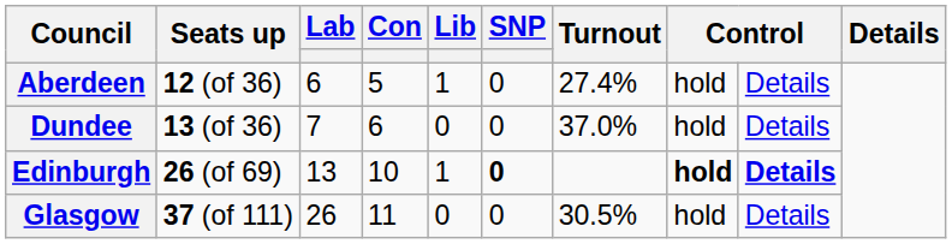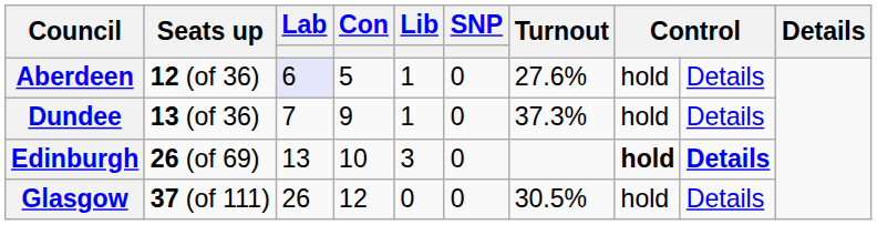 <table class="wikitable">
 <tr>
 <th scope="col" rowspan="2">Council</th>
 <th scope="col" rowspan="2">Seats up</th>
 <th scope="col"><a href='#'>Lab</a></th>
 <th scope="col"><a href='#'>Con</a></th>
 <th scope="col"><a href='#'>Lib</a></th>
 <th scope="col"><a href='#'>SNP</a></th>
 <th scope="col" rowspan="2">Turnout</th>
 <th scope="col" rowspan="2" colspan="2">Control</th>
 <th scope="col" rowspan="2">Details</th>
 </tr>
 <tr>
 <th scope="col" style="background:"></th>
 <th scope="col" style="background:"></th>
 <th scope="col" style="background:"></th>
 <th scope="col" style="background:"></th>
 </tr>
 <tr>
 <th scope="row"><a href='#'>Aberdeen</a></th>
 <td><strong>12</strong> (of 36)</td>
-<td>6</td>
+<td style="background: lavender;">6</td>
 <td>5</td>
 <td>1</td>
 <td>0</td>
-<td>27.4%</td>
+<td>27.6%</td>
 <td> hold</td>
 <td><a href='#'>Details</a></td>
 </tr>
 <tr>
 <th scope="row"><a href='#'>Dundee</a></th>
 <td><strong>13</strong> (of 36)</td>
 <td>7</td>
-<td>6</td>
+<td>9</td>
+<td>1</td>
 <td>0</td>
-<td>0</td>
-<td>37.0%</td>
+<td>37.3%</td>
 <td> hold</td>
 <td><a href='#'>Details</a></td>
 </tr>
 <tr>
 <th scope="row"><a href='#'>Edinburgh</a></th>
 <td><strong>26</strong> (of 69)</td>
 <td>13</td>
 <td>10</td>
-<td>1</td>
-<td><strong>0</strong></td>
+<td>3</td>
+<td>0</td>
 <td></td>
 <td><strong> hold</strong></td>
 <td><strong><a href='#'>Details</a></strong></td>
 </tr>
 <tr>
 <th scope="row"><a href='#'>Glasgow</a></th>
 <td><strong>37</strong> (of 111)</td>
 <td>26</td>
-<td>11</td>
+<td>12</td>
 <td>0</td>
 <td>0</td>
 <td>30.5%</td>
 <td> hold</td>
 <td><a href='#'>Details</a></td>
 </tr>
 </table>
